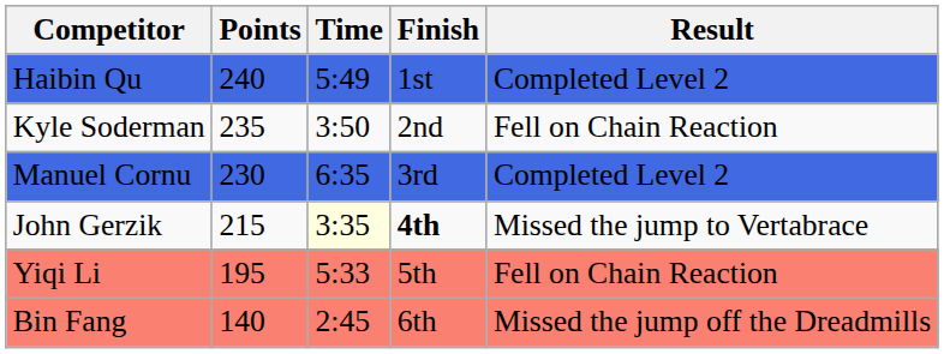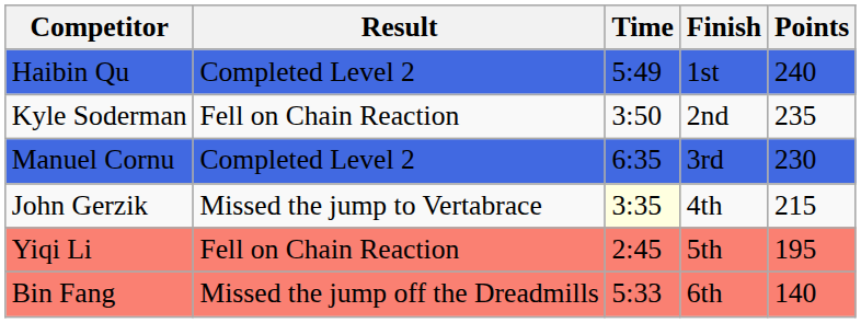 <table class="wikitable sortable">
 <tr>
 <th nowrap="nowrap">Competitor</th>
-<th>Points</th>
+<th>Result</th>
 <th>Time</th>
 <th>Finish</th>
-<th>Result</th>
+<th>Points</th>
 </tr>
 <tr style="background:royalblue;">
 <td> Haibin Qu</td>
-<td>240</td>
+<td>Completed Level 2</td>
 <td>5:49</td>
 <td>1st</td>
-<td>Completed Level 2</td>
+<td>240</td>
 </tr>
 <tr>
 <td> Kyle Soderman</td>
-<td>235</td>
+<td>Fell on Chain Reaction</td>
 <td>3:50</td>
 <td>2nd</td>
-<td>Fell on Chain Reaction</td>
+<td>235</td>
 </tr>
 <tr style="background:royalblue;">
 <td> Manuel Cornu</td>
-<td>230</td>
+<td>Completed Level 2</td>
 <td>6:35</td>
 <td>3rd</td>
-<td>Completed Level 2</td>
+<td>230</td>
 </tr>
 <tr>
 <td> John Gerzik</td>
+<td>Missed the jump to Vertabrace</td>
+<td style="background: lightyellow;">3:35</td>
+<td>4th</td>
 <td>215</td>
-<td style="background: lightyellow;">3:35</td>
-<td><strong>4th</strong></td>
-<td>Missed the jump to Vertabrace</td>
 </tr>
 <tr style="background-color:#fa8072">
 <td> Yiqi Li</td>
+<td>Fell on Chain Reaction</td>
+<td>2:45</td>
+<td>5th</td>
 <td>195</td>
-<td>5:33</td>
-<td>5th</td>
-<td>Fell on Chain Reaction</td>
 </tr>
 <tr style="background-color:#fa8072">
 <td> Bin Fang</td>
+<td>Missed the jump off the Dreadmills</td>
+<td>5:33</td>
+<td>6th</td>
 <td>140</td>
-<td>2:45</td>
-<td>6th</td>
-<td>Missed the jump off the Dreadmills</td>
 </tr>
 </table>
